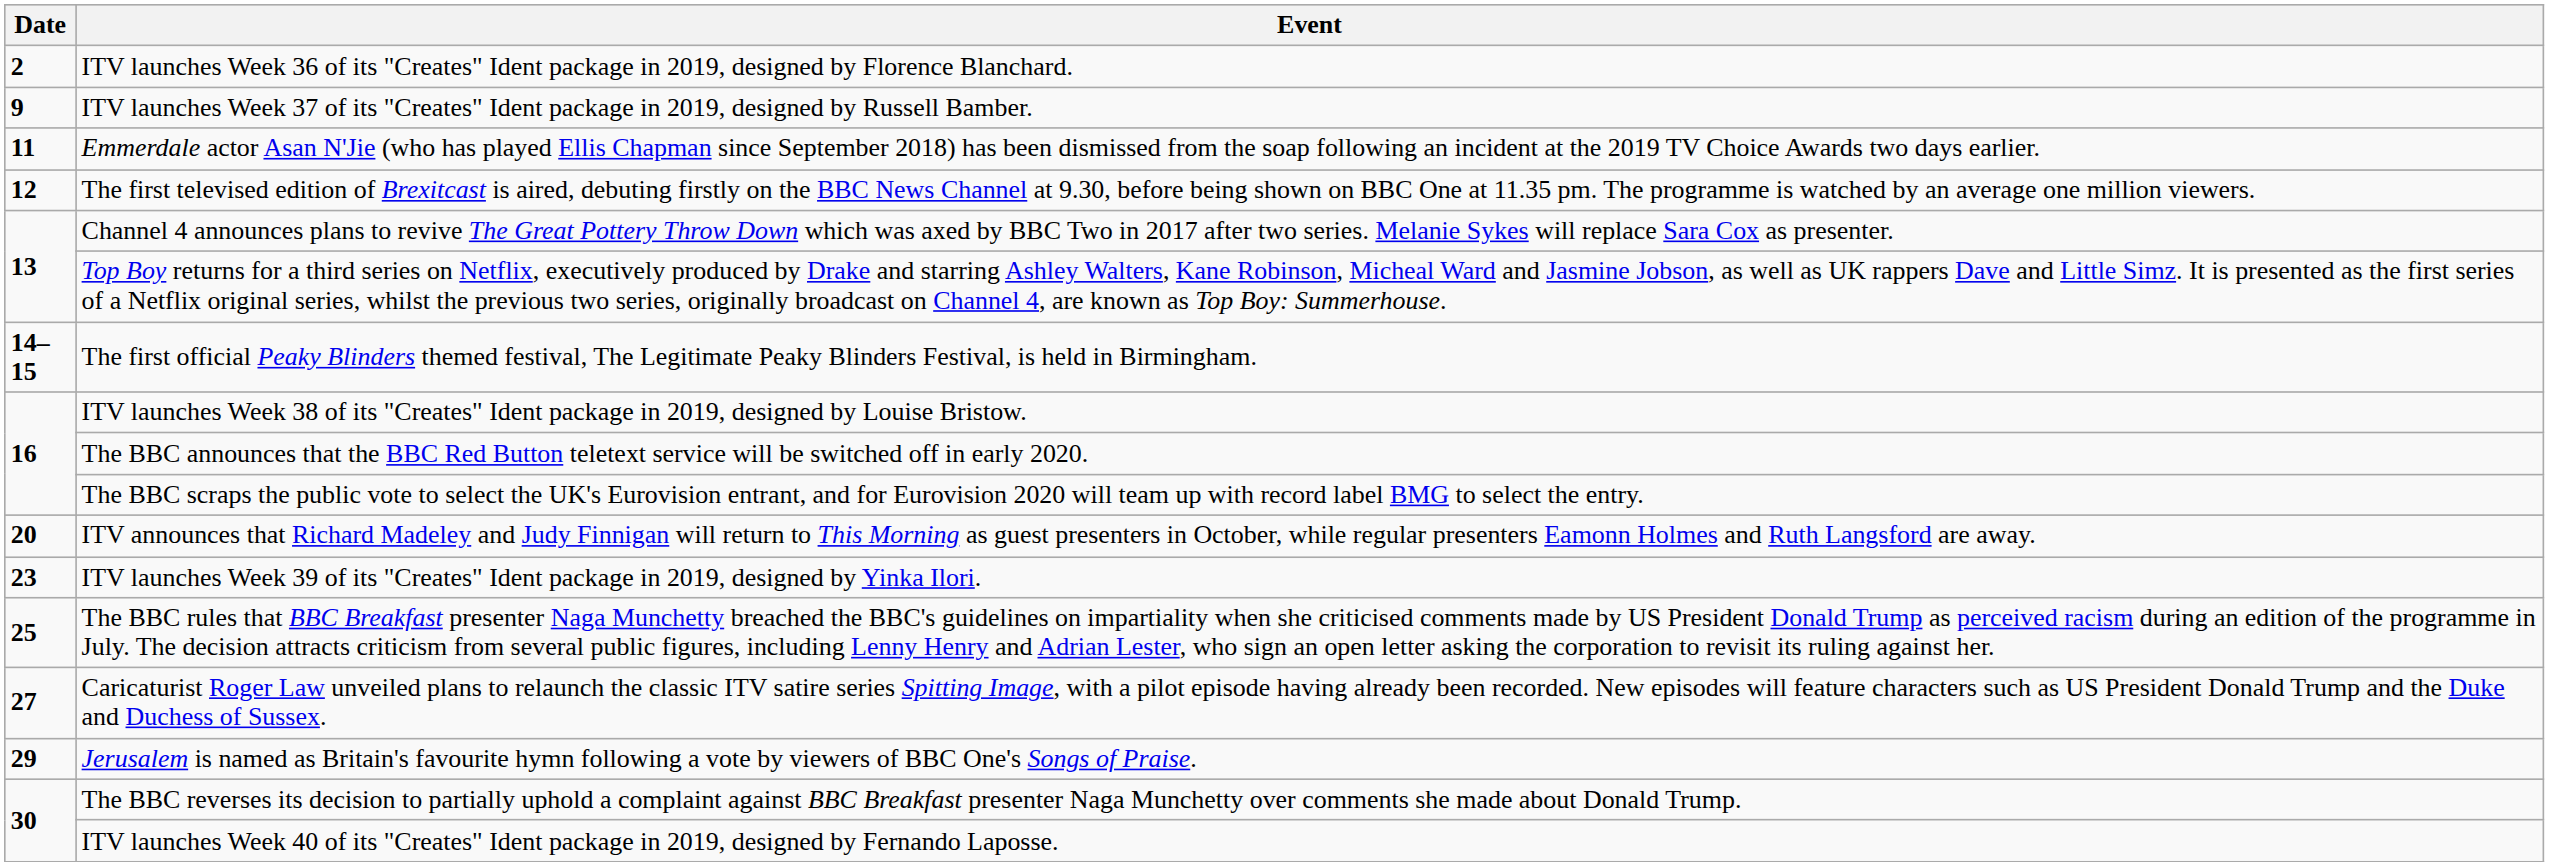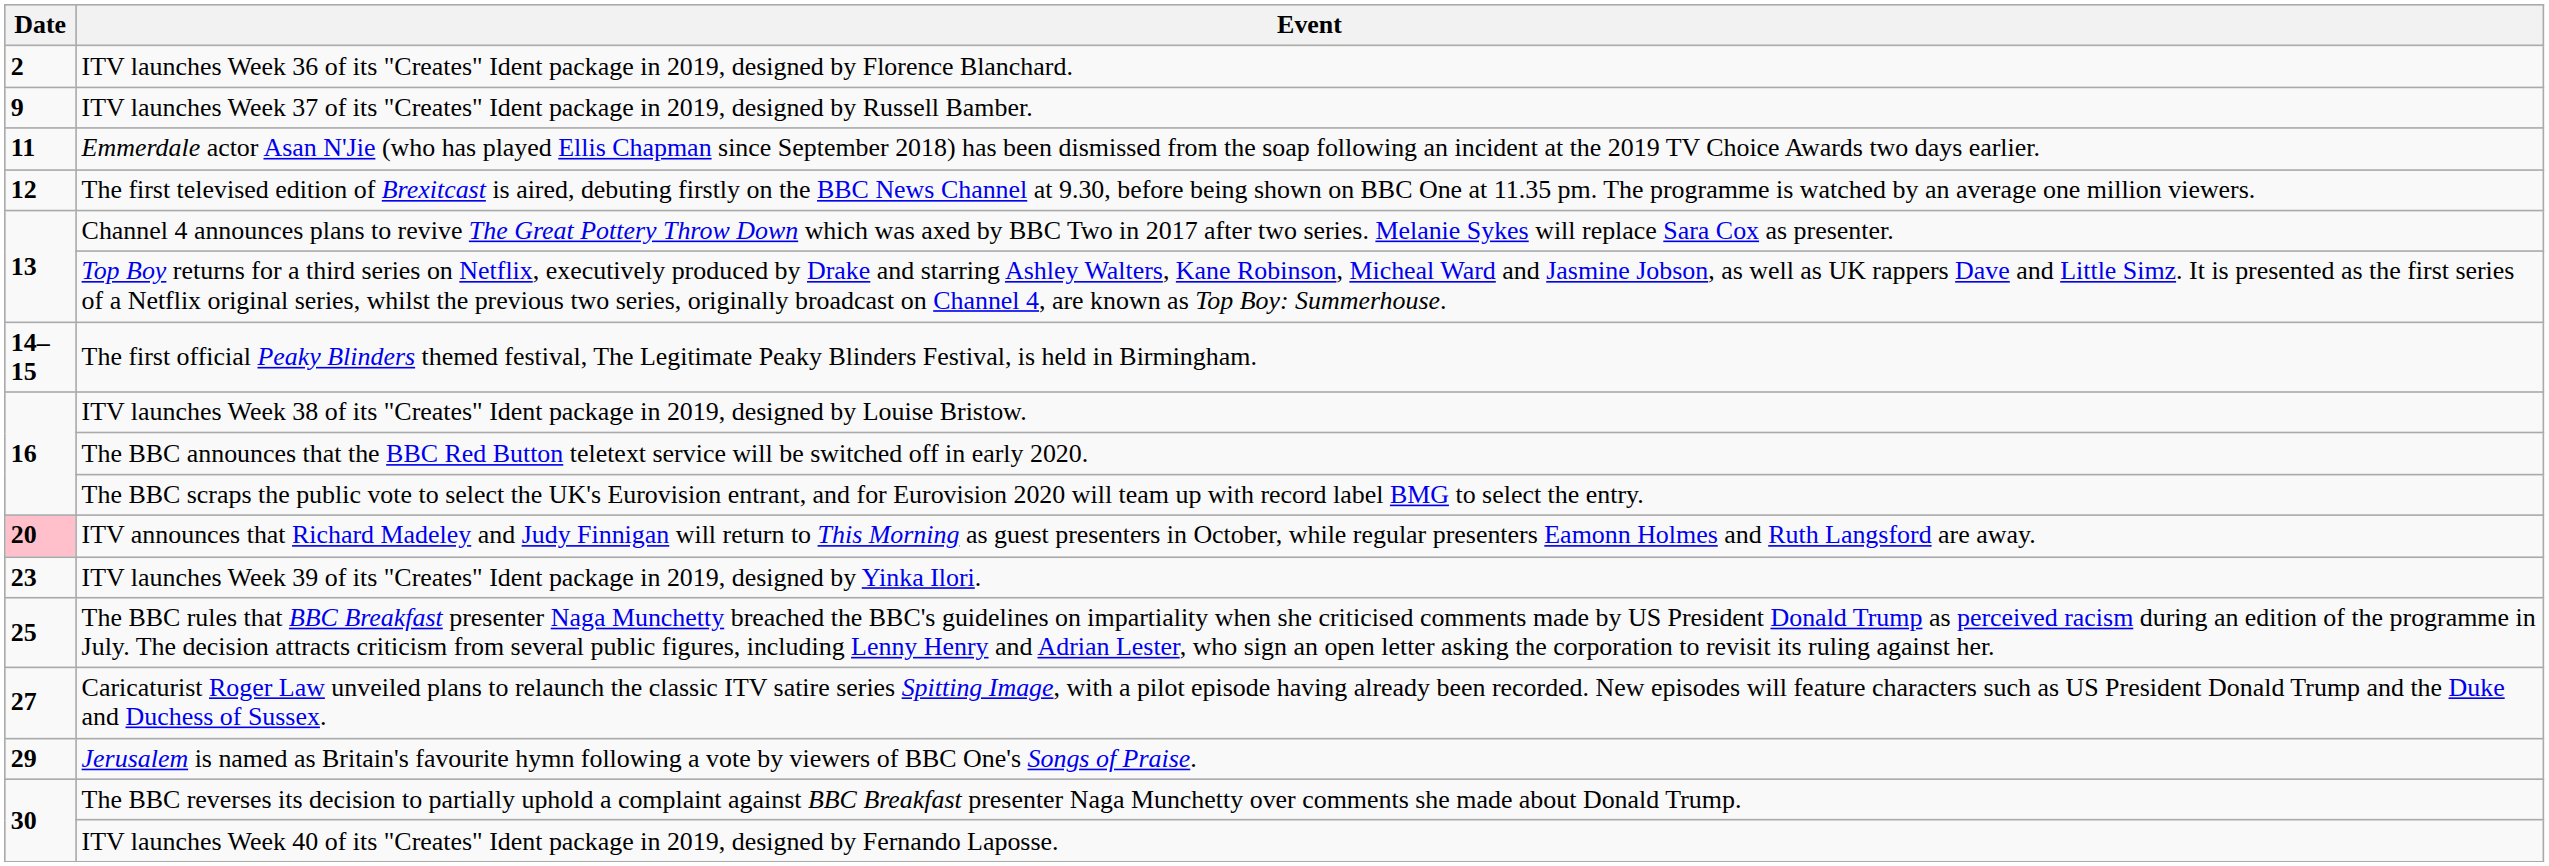 <table class="wikitable">
 <tr>
 <th>Date</th>
 <th>Event</th>
 </tr>
 <tr>
 <td><strong>2</strong></td>
 <td>ITV launches Week 36 of its "Creates" Ident package in 2019, designed by Florence Blanchard.</td>
 </tr>
 <tr>
 <td><strong>9</strong></td>
 <td>ITV launches Week 37 of its "Creates" Ident package in 2019, designed by Russell Bamber.</td>
 </tr>
 <tr>
 <td><strong>11</strong></td>
 <td><em>Emmerdale</em> actor <a href='#'>Asan N'Jie</a> (who has played <a href='#'>Ellis Chapman</a> since September 2018) has been dismissed from the soap following an incident at the 2019 TV Choice Awards two days earlier.</td>
 </tr>
 <tr>
 <td><strong>12</strong></td>
 <td>The first televised edition of <em><a href='#'>Brexitcast</a></em> is aired, debuting firstly on the <a href='#'>BBC News Channel</a> at 9.30, before being shown on BBC One at 11.35 pm. The programme is watched by an average one million viewers.</td>
 </tr>
 <tr>
 <td rowspan=2><strong>13</strong></td>
 <td>Channel 4 announces plans to revive <em><a href='#'>The Great Pottery Throw Down</a></em> which was axed by BBC Two in 2017 after two series. <a href='#'>Melanie Sykes</a> will replace <a href='#'>Sara Cox</a> as presenter.</td>
 </tr>
 <tr>
 <td><em><a href='#'>Top Boy</a></em> returns for a third series on <a href='#'>Netflix</a>, executively produced by <a href='#'>Drake</a> and starring <a href='#'>Ashley Walters</a>, <a href='#'>Kane Robinson</a>, <a href='#'>Micheal Ward</a> and <a href='#'>Jasmine Jobson</a>, as well as UK rappers <a href='#'>Dave</a> and <a href='#'>Little Simz</a>. It is presented as the first series of a Netflix original series, whilst the previous two series, originally broadcast on <a href='#'>Channel 4</a>, are known as <em>Top Boy: Summerhouse</em>.</td>
 </tr>
 <tr>
 <td><strong>14–15</strong></td>
 <td>The first official <em><a href='#'>Peaky Blinders</a></em> themed festival, The Legitimate Peaky Blinders Festival, is held in Birmingham.</td>
 </tr>
 <tr>
 <td rowspan=3><strong>16</strong></td>
 <td>ITV launches Week 38 of its "Creates" Ident package in 2019, designed by Louise Bristow.</td>
 </tr>
 <tr>
 <td>The BBC announces that the <a href='#'>BBC Red Button</a> teletext service will be switched off in early 2020.</td>
 </tr>
 <tr>
 <td>The BBC scraps the public vote to select the UK's Eurovision entrant, and for Eurovision 2020 will team up with record label <a href='#'>BMG</a> to select the entry.</td>
 </tr>
 <tr>
-<td><strong>20</strong></td>
+<td style="background: pink;"><strong>20</strong></td>
 <td>ITV announces that <a href='#'>Richard Madeley</a> and <a href='#'>Judy Finnigan</a> will return to <em><a href='#'>This Morning</a></em> as guest presenters in October, while regular presenters <a href='#'>Eamonn Holmes</a> and <a href='#'>Ruth Langsford</a> are away.</td>
 </tr>
 <tr>
 <td><strong>23</strong></td>
 <td>ITV launches Week 39 of its "Creates" Ident package in 2019, designed by <a href='#'>Yinka Ilori</a>.</td>
 </tr>
 <tr>
 <td><strong>25</strong></td>
 <td>The BBC rules that <em><a href='#'>BBC Breakfast</a></em> presenter <a href='#'>Naga Munchetty</a> breached the BBC's guidelines on impartiality when she criticised comments made by US President <a href='#'>Donald Trump</a> as <a href='#'>perceived racism</a> during an edition of the programme in July. The decision attracts criticism from several public figures, including <a href='#'>Lenny Henry</a> and <a href='#'>Adrian Lester</a>, who sign an open letter asking the corporation to revisit its ruling against her.</td>
 </tr>
 <tr>
 <td><strong>27</strong></td>
 <td>Caricaturist <a href='#'>Roger Law</a> unveiled plans to relaunch the classic ITV satire series <em><a href='#'>Spitting Image</a></em>, with a pilot episode having already been recorded. New episodes will feature characters such as US President Donald Trump and the <a href='#'>Duke</a> and <a href='#'>Duchess of Sussex</a>.</td>
 </tr>
 <tr>
 <td><strong>29</strong></td>
 <td><em><a href='#'>Jerusalem</a></em> is named as Britain's favourite hymn following a vote by viewers of BBC One's <em><a href='#'>Songs of Praise</a></em>.</td>
 </tr>
 <tr>
 <td rowspan=2><strong>30</strong></td>
 <td>The BBC reverses its decision to partially uphold a complaint against <em>BBC Breakfast</em> presenter Naga Munchetty over comments she made about Donald Trump.</td>
 </tr>
 <tr>
 <td>ITV launches Week 40 of its "Creates" Ident package in 2019, designed by Fernando Laposse.</td>
 </tr>
 </table>
